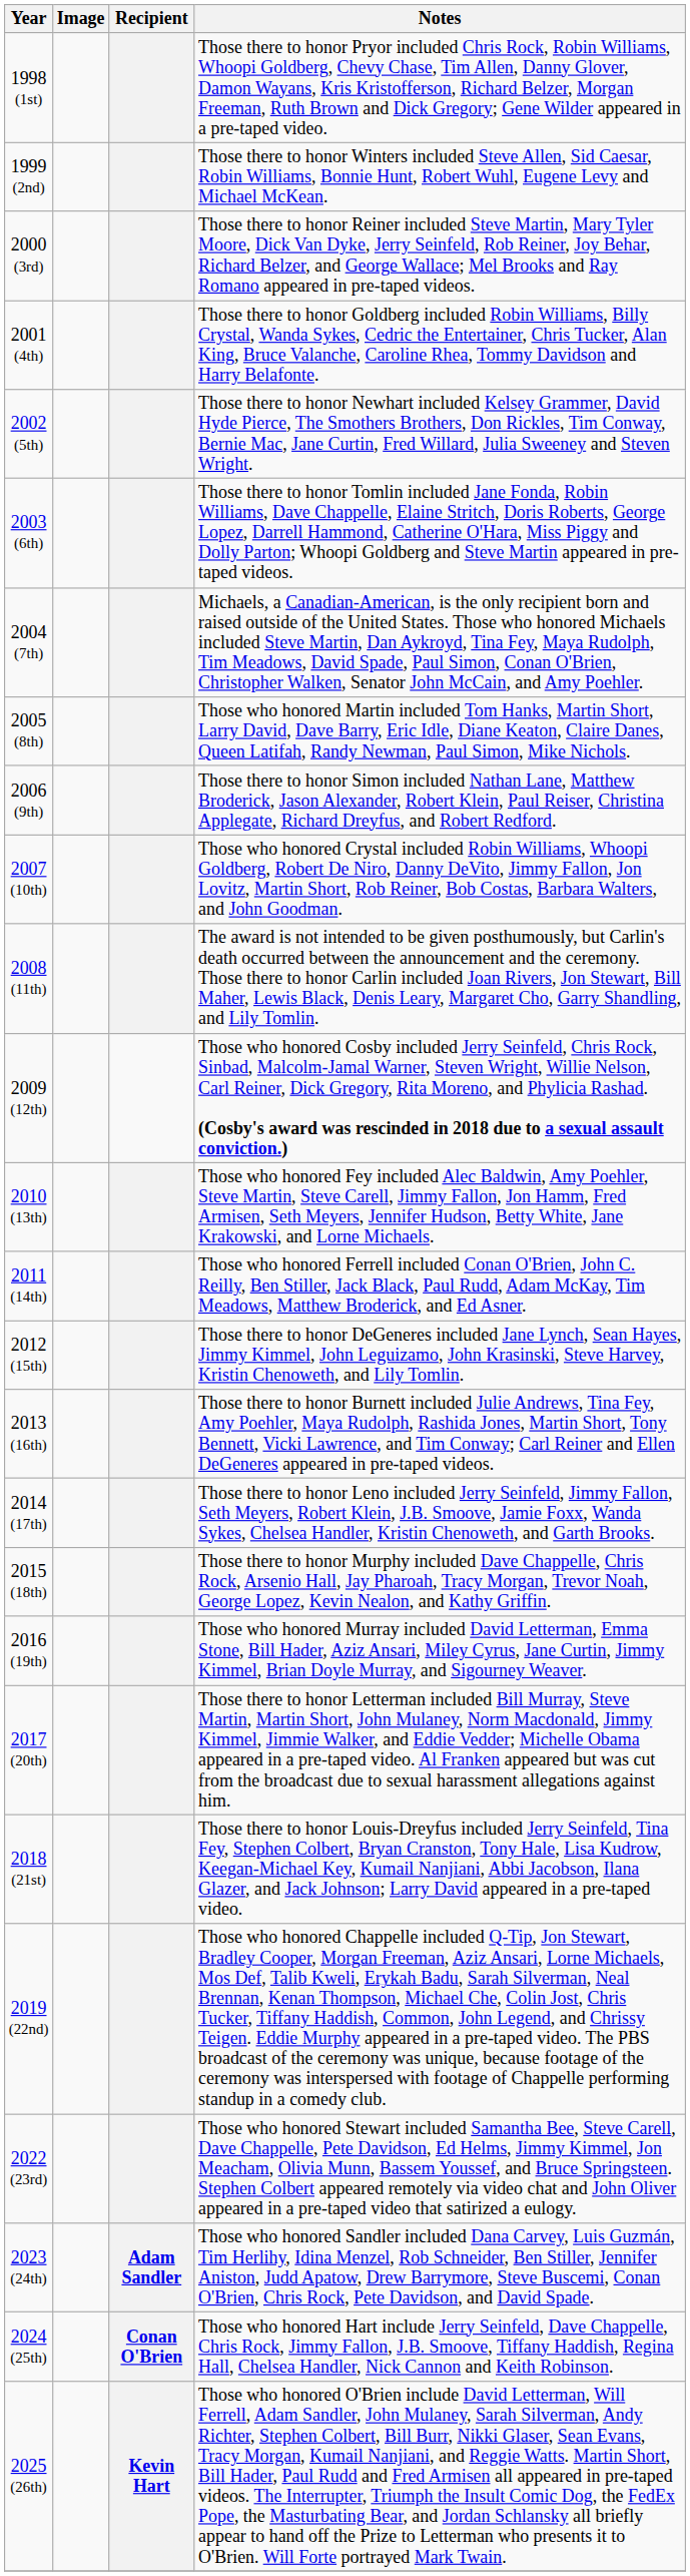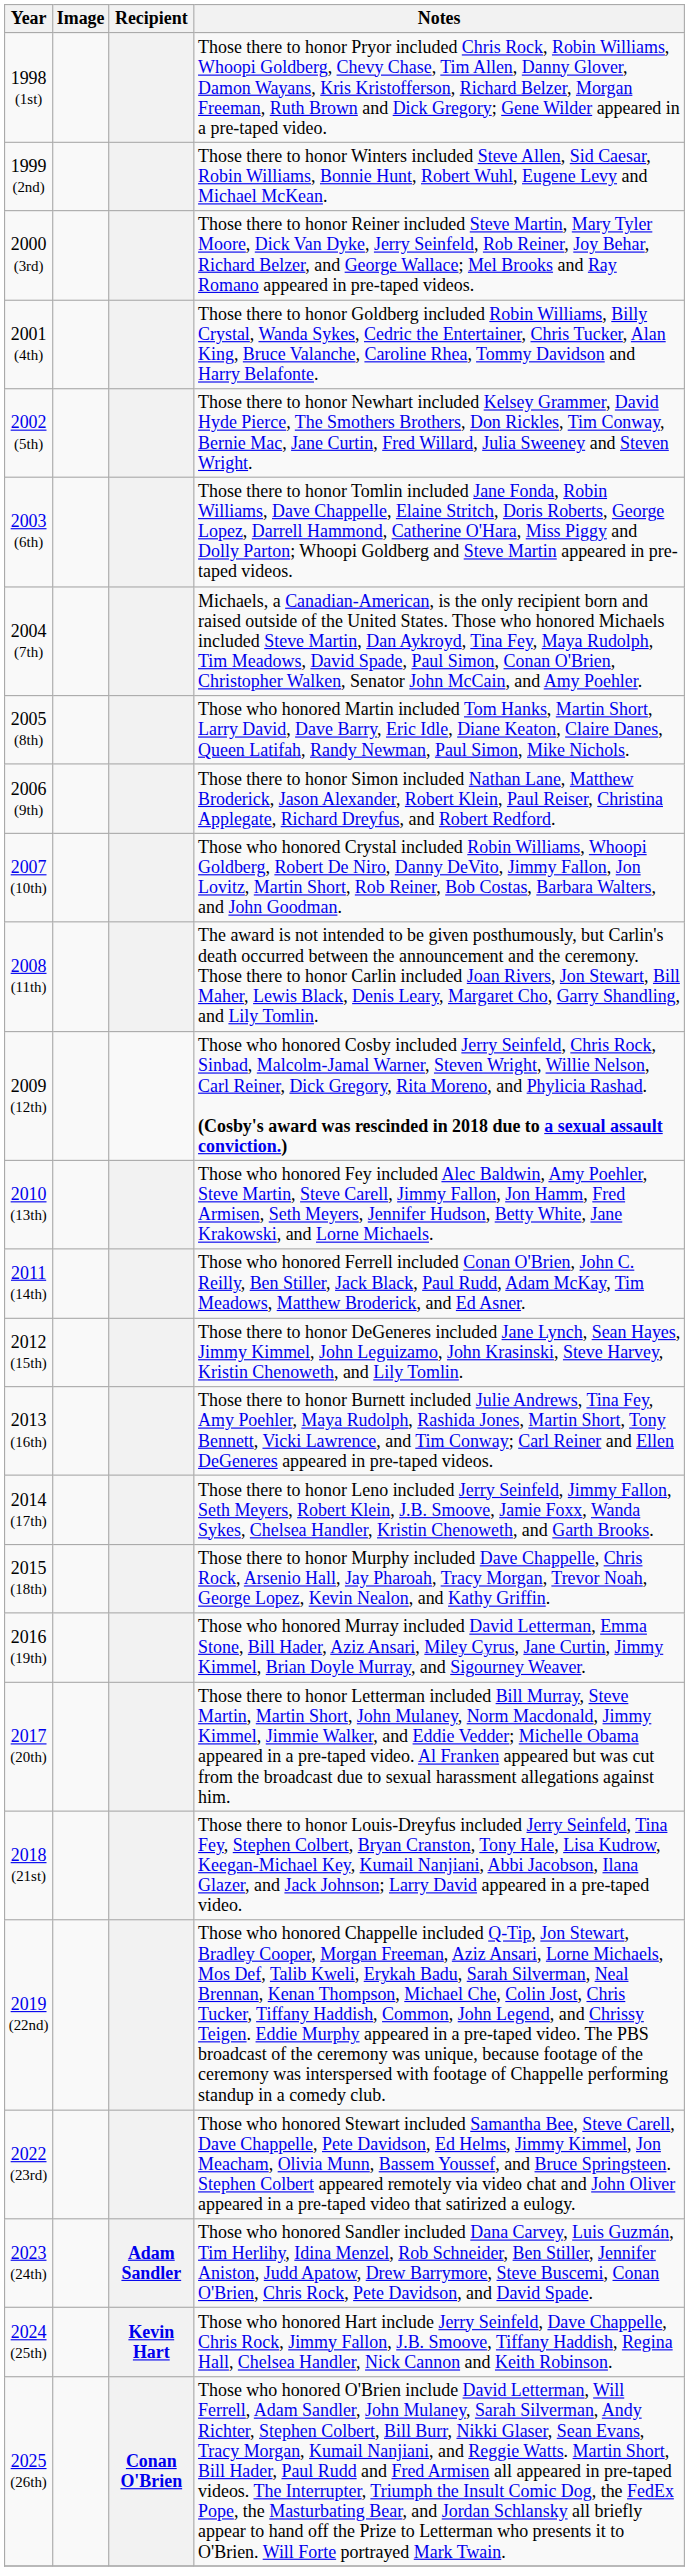 <table class="wikitable sortable plainrowheaders" style="text-align:center;">
 <tr>
 <th scope="col">Year</th>
 <th scope="col" class="unsortable">Image</th>
 <th scope="col">Recipient</th>
 <th scope="col" class="unsortable">Notes</th>
 </tr>
 <tr>
 <td>1998 <br> <small> (1st) </small> <br></td>
 <td></td>
 <th scope="row"></th>
 <td style="text-align:left;">Those there to honor Pryor included <a href='#'>Chris Rock</a>, <a href='#'>Robin Williams</a>, <a href='#'>Whoopi Goldberg</a>, <a href='#'>Chevy Chase</a>, <a href='#'>Tim Allen</a>, <a href='#'>Danny Glover</a>, <a href='#'>Damon Wayans</a>, <a href='#'>Kris Kristofferson</a>, <a href='#'>Richard Belzer</a>, <a href='#'>Morgan Freeman</a>, <a href='#'>Ruth Brown</a> and <a href='#'>Dick Gregory</a>; <a href='#'>Gene Wilder</a> appeared in a pre-taped video.</td>
 </tr>
 <tr>
 <td>1999 <br> <small> (2nd) </small> <br></td>
 <td></td>
 <th scope="row"></th>
 <td style="text-align:left;">Those there to honor Winters included <a href='#'>Steve Allen</a>, <a href='#'>Sid Caesar</a>, <a href='#'>Robin Williams</a>, <a href='#'>Bonnie Hunt</a>, <a href='#'>Robert Wuhl</a>, <a href='#'>Eugene Levy</a> and <a href='#'>Michael McKean</a>.</td>
 </tr>
 <tr>
 <td>2000 <br> <small> (3rd) </small> <br></td>
 <td></td>
 <th scope="row"></th>
 <td style="text-align:left;">Those there to honor Reiner included <a href='#'>Steve Martin</a>, <a href='#'>Mary Tyler Moore</a>, <a href='#'>Dick Van Dyke</a>, <a href='#'>Jerry Seinfeld</a>, <a href='#'>Rob Reiner</a>, <a href='#'>Joy Behar</a>, <a href='#'>Richard Belzer</a>, and <a href='#'>George Wallace</a>; <a href='#'>Mel Brooks</a> and <a href='#'>Ray Romano</a> appeared in pre-taped videos.</td>
 </tr>
 <tr>
 <td>2001 <br> <small> (4th) </small> <br></td>
 <td></td>
 <th scope="row"></th>
 <td style="text-align:left;">Those there to honor Goldberg included <a href='#'>Robin Williams</a>, <a href='#'>Billy Crystal</a>, <a href='#'>Wanda Sykes</a>, <a href='#'>Cedric the Entertainer</a>, <a href='#'>Chris Tucker</a>, <a href='#'>Alan King</a>, <a href='#'>Bruce Valanche</a>, <a href='#'>Caroline Rhea</a>, <a href='#'>Tommy Davidson</a> and <a href='#'>Harry Belafonte</a>.</td>
 </tr>
 <tr>
 <td><a href='#'>2002</a> <br> <small> (5th) </small> <br></td>
 <td></td>
 <th scope="row"></th>
 <td style="text-align:left;">Those there to honor Newhart included <a href='#'>Kelsey Grammer</a>, <a href='#'>David Hyde Pierce</a>, <a href='#'>The Smothers Brothers</a>, <a href='#'>Don Rickles</a>, <a href='#'>Tim Conway</a>, <a href='#'>Bernie Mac</a>, <a href='#'>Jane Curtin</a>, <a href='#'>Fred Willard</a>, <a href='#'>Julia Sweeney</a> and <a href='#'>Steven Wright</a>.</td>
 </tr>
 <tr>
 <td><a href='#'>2003</a> <br> <small> (6th) </small> <br></td>
 <td></td>
 <th scope="row"></th>
 <td style="text-align:left;">Those there to honor Tomlin included <a href='#'>Jane Fonda</a>, <a href='#'>Robin Williams</a>, <a href='#'>Dave Chappelle</a>, <a href='#'>Elaine Stritch</a>, <a href='#'>Doris Roberts</a>, <a href='#'>George Lopez</a>, <a href='#'>Darrell Hammond</a>, <a href='#'>Catherine O'Hara</a>, <a href='#'>Miss Piggy</a> and <a href='#'>Dolly Parton</a>; Whoopi Goldberg and <a href='#'>Steve Martin</a> appeared in pre-taped videos.</td>
 </tr>
 <tr>
 <td>2004 <br> <small> (7th) </small> <br></td>
 <td></td>
 <th scope="row"></th>
 <td style="text-align:left;">Michaels, a <a href='#'>Canadian-American</a>, is the only recipient  born and raised outside of the United States. Those who honored Michaels included <a href='#'>Steve Martin</a>, <a href='#'>Dan Aykroyd</a>, <a href='#'>Tina Fey</a>, <a href='#'>Maya Rudolph</a>, <a href='#'>Tim Meadows</a>, <a href='#'>David Spade</a>, <a href='#'>Paul Simon</a>, <a href='#'>Conan O'Brien</a>, <a href='#'>Christopher Walken</a>, Senator <a href='#'>John McCain</a>, and <a href='#'>Amy Poehler</a>.</td>
 </tr>
 <tr>
 <td>2005 <br> <small> (8th) </small> <br></td>
 <td></td>
 <th scope="row"></th>
 <td style="text-align:left;">Those who honored Martin included <a href='#'>Tom Hanks</a>, <a href='#'>Martin Short</a>, <a href='#'>Larry David</a>, <a href='#'>Dave Barry</a>, <a href='#'>Eric Idle</a>, <a href='#'>Diane Keaton</a>, <a href='#'>Claire Danes</a>, <a href='#'>Queen Latifah</a>, <a href='#'>Randy Newman</a>, <a href='#'>Paul Simon</a>, <a href='#'>Mike Nichols</a>.</td>
 </tr>
 <tr>
 <td>2006 <br> <small> (9th) </small> <br></td>
 <td></td>
 <th scope="row"></th>
 <td style="text-align:left;">Those there to honor Simon included <a href='#'>Nathan Lane</a>, <a href='#'>Matthew Broderick</a>, <a href='#'>Jason Alexander</a>, <a href='#'>Robert Klein</a>, <a href='#'>Paul Reiser</a>, <a href='#'>Christina Applegate</a>, <a href='#'>Richard Dreyfus</a>, and <a href='#'>Robert Redford</a>.</td>
 </tr>
 <tr>
 <td><a href='#'>2007</a> <br> <small> (10th) </small> <br></td>
 <td></td>
 <th scope="row"></th>
 <td style="text-align:left;">Those who honored Crystal included <a href='#'>Robin Williams</a>, <a href='#'>Whoopi Goldberg</a>, <a href='#'>Robert De Niro</a>, <a href='#'>Danny DeVito</a>, <a href='#'>Jimmy Fallon</a>, <a href='#'>Jon Lovitz</a>, <a href='#'>Martin Short</a>, <a href='#'>Rob Reiner</a>, <a href='#'>Bob Costas</a>, <a href='#'>Barbara Walters</a>, and <a href='#'>John Goodman</a>.</td>
 </tr>
 <tr>
 <td><a href='#'>2008</a> <br> <small> (11th) </small> <br></td>
 <td></td>
 <th scope="row"></th>
 <td style="text-align:left;">The award is not intended to be given posthumously, but Carlin's death occurred between the announcement and the ceremony. Those there to honor Carlin included <a href='#'>Joan Rivers</a>, <a href='#'>Jon Stewart</a>, <a href='#'>Bill Maher</a>, <a href='#'>Lewis Black</a>, <a href='#'>Denis Leary</a>, <a href='#'>Margaret Cho</a>, <a href='#'>Garry Shandling</a>, and <a href='#'>Lily Tomlin</a>.</td>
 </tr>
 <tr>
 <td>2009 <br> <small> (12th) </small> <br></td>
 <td></td>
 <td scope="row" style="text-align:left;"></td>
 <td style="text-align:left;">Those who honored Cosby included <a href='#'>Jerry Seinfeld</a>, <a href='#'>Chris Rock</a>, <a href='#'>Sinbad</a>, <a href='#'>Malcolm-Jamal Warner</a>, <a href='#'>Steven Wright</a>, <a href='#'>Willie Nelson</a>, <a href='#'>Carl Reiner</a>, <a href='#'>Dick Gregory</a>, <a href='#'>Rita Moreno</a>, and <a href='#'>Phylicia Rashad</a>.<br><br><strong>(Cosby's award was rescinded in 2018 due to <a href='#'>a sexual assault conviction.</a>)</strong></td>
 </tr>
 <tr>
 <td><a href='#'>2010</a> <br> <small> (13th) </small> <br></td>
 <td></td>
 <th scope="row"></th>
 <td style="text-align:left;">Those who honored Fey included <a href='#'>Alec Baldwin</a>, <a href='#'>Amy Poehler</a>, <a href='#'>Steve Martin</a>, <a href='#'>Steve Carell</a>, <a href='#'>Jimmy Fallon</a>, <a href='#'>Jon Hamm</a>, <a href='#'>Fred Armisen</a>, <a href='#'>Seth Meyers</a>, <a href='#'>Jennifer Hudson</a>, <a href='#'>Betty White</a>, <a href='#'>Jane Krakowski</a>, and <a href='#'>Lorne Michaels</a>.</td>
 </tr>
 <tr>
 <td><a href='#'>2011</a> <br> <small> (14th) </small> <br></td>
 <td></td>
 <th scope="row"></th>
 <td style="text-align:left;">Those who honored Ferrell included <a href='#'>Conan O'Brien</a>, <a href='#'>John C. Reilly</a>, <a href='#'>Ben Stiller</a>, <a href='#'>Jack Black</a>, <a href='#'>Paul Rudd</a>, <a href='#'>Adam McKay</a>, <a href='#'>Tim Meadows</a>, <a href='#'>Matthew Broderick</a>, and <a href='#'>Ed Asner</a>.</td>
 </tr>
 <tr>
 <td>2012 <br> <small> (15th) </small> <br></td>
 <td></td>
 <th scope="row"></th>
 <td style="text-align:left;">Those there to honor DeGeneres included <a href='#'>Jane Lynch</a>, <a href='#'>Sean Hayes</a>, <a href='#'>Jimmy Kimmel</a>, <a href='#'>John Leguizamo</a>, <a href='#'>John Krasinski</a>, <a href='#'>Steve Harvey</a>, <a href='#'>Kristin Chenoweth</a>, and <a href='#'>Lily Tomlin</a>.</td>
 </tr>
 <tr>
 <td>2013 <br> <small> (16th) </small> <br></td>
 <td></td>
 <th scope="row"></th>
 <td style="text-align:left;">Those there to honor Burnett included <a href='#'>Julie Andrews</a>, <a href='#'>Tina Fey</a>, <a href='#'>Amy Poehler</a>, <a href='#'>Maya Rudolph</a>, <a href='#'>Rashida Jones</a>, <a href='#'>Martin Short</a>, <a href='#'>Tony Bennett</a>, <a href='#'>Vicki Lawrence</a>, and <a href='#'>Tim Conway</a>; <a href='#'>Carl Reiner</a> and <a href='#'>Ellen DeGeneres</a> appeared in pre-taped videos.</td>
 </tr>
 <tr>
 <td>2014 <br> <small> (17th) </small> <br></td>
 <td></td>
 <th scope="row"></th>
 <td style="text-align:left;">Those there to honor Leno included <a href='#'>Jerry Seinfeld</a>, <a href='#'>Jimmy Fallon</a>, <a href='#'>Seth Meyers</a>, <a href='#'>Robert Klein</a>, <a href='#'>J.B. Smoove</a>, <a href='#'>Jamie Foxx</a>, <a href='#'>Wanda Sykes</a>, <a href='#'>Chelsea Handler</a>, <a href='#'>Kristin Chenoweth</a>, and <a href='#'>Garth Brooks</a>.</td>
 </tr>
 <tr>
 <td>2015 <br> <small> (18th) </small> <br></td>
 <td></td>
 <th scope="row"></th>
 <td style="text-align:left;">Those there to honor Murphy included <a href='#'>Dave Chappelle</a>, <a href='#'>Chris Rock</a>, <a href='#'>Arsenio Hall</a>, <a href='#'>Jay Pharoah</a>, <a href='#'>Tracy Morgan</a>, <a href='#'>Trevor Noah</a>, <a href='#'>George Lopez</a>, <a href='#'>Kevin Nealon</a>, and <a href='#'>Kathy Griffin</a>.</td>
 </tr>
 <tr>
 <td>2016 <br> <small> (19th) </small> <br></td>
 <td></td>
 <th scope="row"></th>
 <td style="text-align:left;">Those who honored Murray included <a href='#'>David Letterman</a>, <a href='#'>Emma Stone</a>, <a href='#'>Bill Hader</a>, <a href='#'>Aziz Ansari</a>, <a href='#'>Miley Cyrus</a>, <a href='#'>Jane Curtin</a>, <a href='#'>Jimmy Kimmel</a>, <a href='#'>Brian Doyle Murray</a>, and <a href='#'>Sigourney Weaver</a>.</td>
 </tr>
 <tr>
 <td><a href='#'>2017</a> <br> <small> (20th) </small> <br></td>
 <td></td>
 <th scope="row"></th>
 <td style="text-align:left;">Those there to honor Letterman included <a href='#'>Bill Murray</a>, <a href='#'>Steve Martin</a>, <a href='#'>Martin Short</a>, <a href='#'>John Mulaney</a>, <a href='#'>Norm Macdonald</a>, <a href='#'>Jimmy Kimmel</a>, <a href='#'>Jimmie Walker</a>, and <a href='#'>Eddie Vedder</a>; <a href='#'>Michelle Obama</a> appeared in a pre-taped video. <a href='#'>Al Franken</a> appeared but was cut from the broadcast due to sexual harassment allegations against him.</td>
 </tr>
 <tr>
 <td><a href='#'>2018</a> <br> <small> (21st) </small> <br></td>
 <td></td>
 <th scope="row"></th>
 <td style="text-align:left;">Those there to honor Louis-Dreyfus included <a href='#'>Jerry Seinfeld</a>, <a href='#'>Tina Fey</a>, <a href='#'>Stephen Colbert</a>, <a href='#'>Bryan Cranston</a>, <a href='#'>Tony Hale</a>, <a href='#'>Lisa Kudrow</a>, <a href='#'>Keegan-Michael Key</a>, <a href='#'>Kumail Nanjiani</a>, <a href='#'>Abbi Jacobson</a>, <a href='#'>Ilana Glazer</a>, and <a href='#'>Jack Johnson</a>; <a href='#'>Larry David</a> appeared in a pre-taped video.</td>
 </tr>
 <tr>
 <td><a href='#'>2019</a> <br> <small> (22nd) </small> <br></td>
 <td></td>
 <th scope ="row"></th>
 <td style="text-align:left;">Those who honored Chappelle included <a href='#'>Q-Tip</a>, <a href='#'>Jon Stewart</a>, <a href='#'>Bradley Cooper</a>, <a href='#'>Morgan Freeman</a>, <a href='#'>Aziz Ansari</a>, <a href='#'>Lorne Michaels</a>, <a href='#'>Mos Def</a>, <a href='#'>Talib Kweli</a>, <a href='#'>Erykah Badu</a>, <a href='#'>Sarah Silverman</a>, <a href='#'>Neal Brennan</a>, <a href='#'>Kenan Thompson</a>, <a href='#'>Michael Che</a>, <a href='#'>Colin Jost</a>, <a href='#'>Chris Tucker</a>, <a href='#'>Tiffany Haddish</a>, <a href='#'>Common</a>, <a href='#'>John Legend</a>, and <a href='#'>Chrissy Teigen</a>. <a href='#'>Eddie Murphy</a> appeared in a pre-taped video. The PBS broadcast of the ceremony was unique, because footage of the ceremony was interspersed with footage of Chappelle performing standup in a comedy club.</td>
 </tr>
 <tr>
 <td><a href='#'>2022</a> <br> <small> (23rd) </small> <br></td>
 <td></td>
 <th scope ="row"></th>
 <td style="text-align:left;">Those who honored Stewart included <a href='#'>Samantha Bee</a>, <a href='#'>Steve Carell</a>, <a href='#'>Dave Chappelle</a>, <a href='#'>Pete Davidson</a>, <a href='#'>Ed Helms</a>, <a href='#'>Jimmy Kimmel</a>, <a href='#'>Jon Meacham</a>, <a href='#'>Olivia Munn</a>, <a href='#'>Bassem Youssef</a>, and <a href='#'>Bruce Springsteen</a>. <a href='#'>Stephen Colbert</a> appeared remotely via video chat and <a href='#'>John Oliver</a> appeared in a pre-taped video that satirized a eulogy.</td>
 </tr>
 <tr>
 <td><a href='#'>2023</a> <br> <small> (24th) </small> <br></td>
 <td></td>
 <th scope ="row"><a href='#'>Adam Sandler</a></th>
 <td style="text-align:left;">Those who honored Sandler included <a href='#'>Dana Carvey</a>, <a href='#'>Luis Guzmán</a>, <a href='#'>Tim Herlihy</a>, <a href='#'>Idina Menzel</a>, <a href='#'>Rob Schneider</a>, <a href='#'>Ben Stiller</a>, <a href='#'>Jennifer Aniston</a>, <a href='#'>Judd Apatow</a>, <a href='#'>Drew Barrymore</a>, <a href='#'>Steve Buscemi</a>, <a href='#'>Conan O'Brien</a>, <a href='#'>Chris Rock</a>, <a href='#'>Pete Davidson</a>, and <a href='#'>David Spade</a>.</td>
 </tr>
 <tr>
 <td><a href='#'>2024</a> <br> <small> (25th) </small> <br></td>
 <td></td>
-<th scope ="row"><a href='#'>Conan O'Brien</a></th>
+<th scope ="row"><a href='#'>Kevin Hart</a></th>
 <td style="text-align:left;">Those who honored Hart include <a href='#'>Jerry Seinfeld</a>, <a href='#'>Dave Chappelle</a>, <a href='#'>Chris Rock</a>, <a href='#'>Jimmy Fallon</a>, <a href='#'>J.B. Smoove</a>, <a href='#'>Tiffany Haddish</a>, <a href='#'>Regina Hall</a>, <a href='#'>Chelsea Handler</a>, <a href='#'>Nick Cannon</a> and <a href='#'>Keith Robinson</a>.</td>
 </tr>
 <tr>
 <td><a href='#'>2025</a> <br> <small> (26th) </small> <br></td>
 <td></td>
-<th scope ="row"><a href='#'>Kevin Hart</a></th>
+<th scope ="row"><a href='#'>Conan O'Brien</a></th>
 <td style="text-align:left;">Those who honored O'Brien include <a href='#'>David Letterman</a>, <a href='#'>Will Ferrell</a>, <a href='#'>Adam Sandler</a>, <a href='#'>John Mulaney</a>, <a href='#'>Sarah Silverman</a>, <a href='#'>Andy Richter</a>, <a href='#'>Stephen Colbert</a>, <a href='#'>Bill Burr</a>,  <a href='#'>Nikki Glaser</a>, <a href='#'>Sean Evans</a>, <a href='#'>Tracy Morgan</a>, <a href='#'>Kumail Nanjiani</a>, and <a href='#'>Reggie Watts</a>. <a href='#'>Martin Short</a>, <a href='#'>Bill Hader</a>, <a href='#'>Paul Rudd</a> and <a href='#'>Fred Armisen</a> all appeared in pre-taped videos. <a href='#'>The Interrupter</a>, <a href='#'>Triumph the Insult Comic Dog</a>, the <a href='#'>FedEx</a> <a href='#'>Pope</a>, the <a href='#'>Masturbating Bear</a>, and <a href='#'>Jordan Schlansky</a> all briefly appear to hand off the Prize to Letterman who presents it to O'Brien. <a href='#'>Will Forte</a> portrayed <a href='#'>Mark Twain</a>.</td>
 </tr>
 <tr>
 </tr>
 </table>
